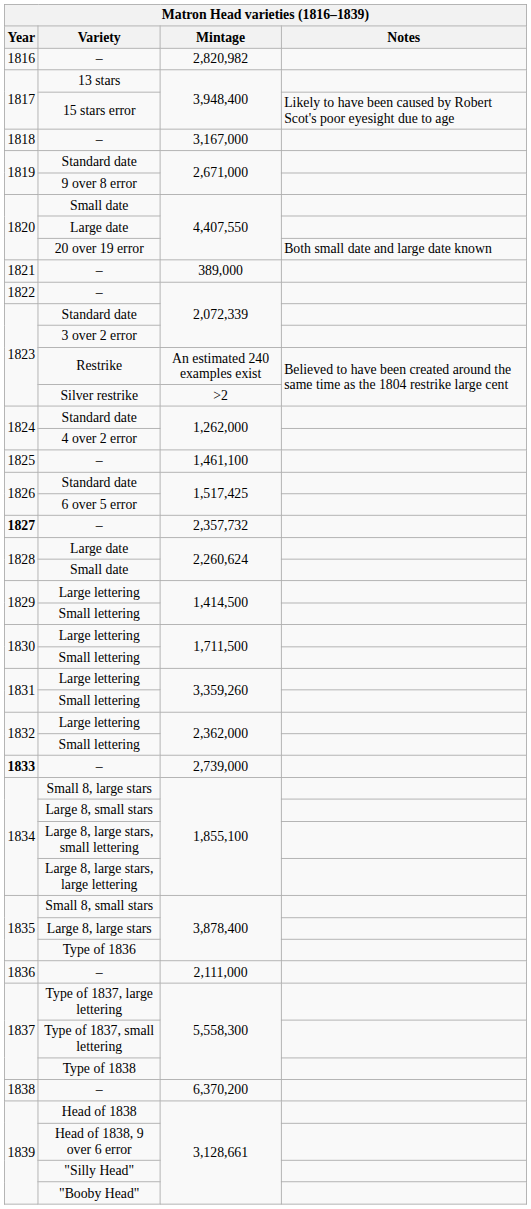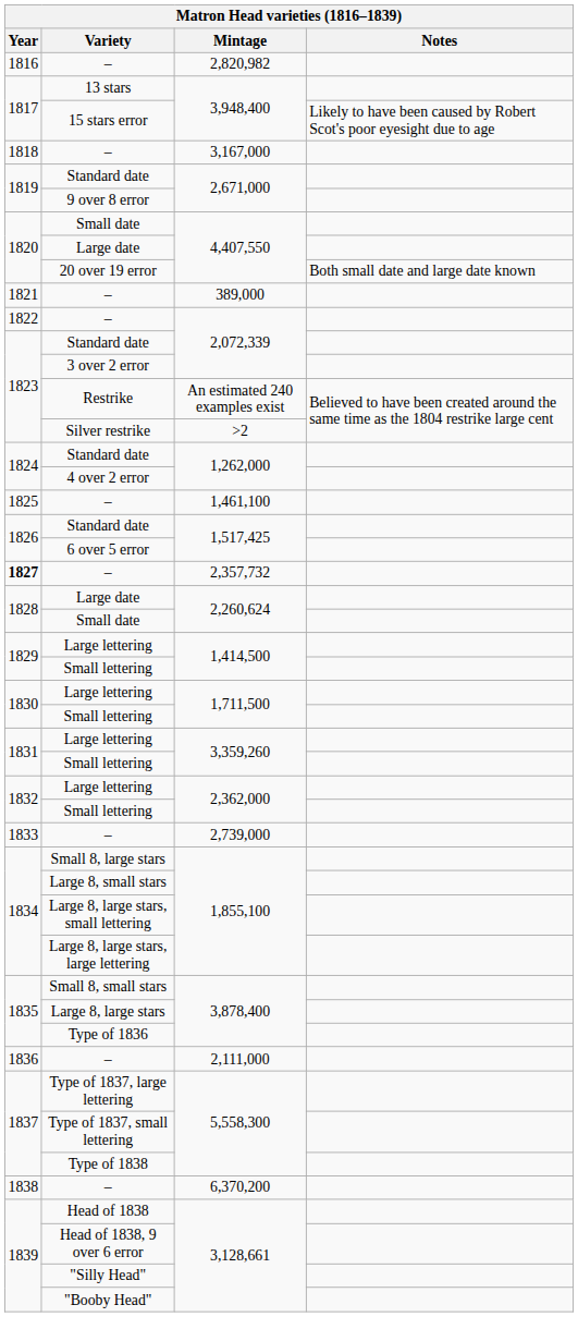 <table class="wikitable mw-collapsible mw-collapsed">
 <tr>
 <th colspan="4">Matron Head varieties (1816–1839)</th>
 </tr>
 <tr>
 <th>Year</th>
 <th>Variety</th>
 <th>Mintage</th>
 <th>Notes</th>
 </tr>
 <tr>
 <td align="center">1816</td>
 <td align="center">–</td>
 <td align="center">2,820,982</td>
 <td align="center"></td>
 </tr>
 <tr>
 <td rowspan="2" align="center">1817</td>
 <td align="center">13 stars</td>
 <td rowspan="2" align="center">3,948,400</td>
 <td></td>
 </tr>
 <tr>
 <td align="center">15 stars error</td>
 <td>Likely to have been caused by Robert Scot's poor eyesight due to age</td>
 </tr>
 <tr>
 <td align="center">1818</td>
 <td align="center">–</td>
 <td align="center">3,167,000</td>
 <td></td>
 </tr>
 <tr>
 <td rowspan="2" align="center">1819</td>
 <td align="center">Standard date</td>
 <td rowspan="2" align="center">2,671,000</td>
 <td></td>
 </tr>
 <tr>
 <td align="center">9 over 8 error</td>
 <td></td>
 </tr>
 <tr>
 <td rowspan="3" align="center">1820</td>
 <td align="center">Small date</td>
 <td rowspan="3" align="center">4,407,550</td>
 <td align="center"></td>
 </tr>
 <tr>
 <td align="center">Large date</td>
 <td></td>
 </tr>
 <tr>
 <td align="center">20 over 19 error</td>
 <td>Both small date and large date known</td>
 </tr>
 <tr>
 <td align="center">1821</td>
 <td align="center">–</td>
 <td align="center">389,000</td>
 <td></td>
 </tr>
 <tr>
 <td align="center">1822</td>
 <td align="center">–</td>
 <td rowspan="3" align="center">2,072,339</td>
 <td></td>
 </tr>
 <tr>
 <td rowspan="4" align="center">1823</td>
 <td align="center">Standard date</td>
 <td></td>
 </tr>
 <tr>
 <td align="center">3 over 2 error</td>
 <td></td>
 </tr>
 <tr>
 <td align="center">Restrike</td>
 <td align="center">An estimated 240 examples exist</td>
 <td rowspan="2">Believed to have been created around the same time as the 1804 restrike large cent</td>
 </tr>
 <tr>
 <td align="center">Silver restrike</td>
 <td align="center">>2</td>
 </tr>
 <tr>
 <td rowspan="2" align="center">1824</td>
 <td align="center">Standard date</td>
 <td rowspan="2" align="center">1,262,000</td>
 <td></td>
 </tr>
 <tr>
 <td align="center">4 over 2 error</td>
 <td></td>
 </tr>
 <tr>
 <td align="center">1825</td>
 <td align="center">–</td>
 <td align="center">1,461,100</td>
 <td></td>
 </tr>
 <tr>
 <td rowspan="2" align="center">1826</td>
 <td align="center">Standard date</td>
 <td rowspan="2" align="center">1,517,425</td>
 <td></td>
 </tr>
 <tr>
 <td align="center">6 over 5 error</td>
 <td></td>
 </tr>
 <tr>
 <td align="center"><strong>1827</strong></td>
 <td align="center">–</td>
 <td align="center">2,357,732</td>
 <td></td>
 </tr>
 <tr>
 <td rowspan="2" align="center">1828</td>
 <td align="center">Large date</td>
 <td rowspan="2" align="center">2,260,624</td>
 <td></td>
 </tr>
 <tr>
 <td align="center">Small date</td>
 <td></td>
 </tr>
 <tr>
 <td rowspan="2" align="center">1829</td>
 <td align="center">Large lettering</td>
 <td rowspan="2" align="center">1,414,500</td>
 <td></td>
 </tr>
 <tr>
 <td align="center">Small lettering</td>
 <td></td>
 </tr>
 <tr>
 <td rowspan="2" align="center">1830</td>
 <td align="center">Large lettering</td>
 <td rowspan="2" align="center">1,711,500</td>
 <td></td>
 </tr>
 <tr>
 <td align="center">Small lettering</td>
 <td></td>
 </tr>
 <tr>
 <td rowspan="2" align="center">1831</td>
 <td align="center">Large lettering</td>
 <td rowspan="2" align="center">3,359,260</td>
 <td></td>
 </tr>
 <tr>
 <td align="center">Small lettering</td>
 <td></td>
 </tr>
 <tr>
 <td rowspan="2" align="center">1832</td>
 <td align="center">Large lettering</td>
 <td rowspan="2" align="center">2,362,000</td>
 <td></td>
 </tr>
 <tr>
 <td align="center">Small lettering</td>
 <td></td>
 </tr>
 <tr>
-<td align="center"><strong>1833</strong></td>
+<td align="center">1833</td>
 <td align="center">–</td>
 <td align="center">2,739,000</td>
 <td></td>
 </tr>
 <tr>
 <td rowspan="4" align="center">1834</td>
 <td align="center">Small 8, large stars</td>
 <td rowspan="4" align="center">1,855,100</td>
 <td></td>
 </tr>
 <tr>
 <td align="center">Large 8, small stars</td>
 <td></td>
 </tr>
 <tr>
 <td align="center">Large 8, large stars, small lettering</td>
 <td></td>
 </tr>
 <tr>
 <td align="center">Large 8, large stars, large lettering</td>
 <td></td>
 </tr>
 <tr>
 <td rowspan="3" align="center">1835</td>
 <td align="center">Small 8, small stars</td>
 <td rowspan="3" align="center">3,878,400</td>
 <td></td>
 </tr>
 <tr>
 <td align="center">Large 8, large stars</td>
 <td></td>
 </tr>
 <tr>
 <td align="center">Type of 1836</td>
 <td></td>
 </tr>
 <tr>
 <td align="center">1836</td>
 <td align="center">–</td>
 <td align="center">2,111,000</td>
 <td></td>
 </tr>
 <tr>
 <td rowspan="3" align="center">1837</td>
 <td align="center">Type of 1837, large lettering</td>
 <td rowspan="3" align="center">5,558,300</td>
 <td></td>
 </tr>
 <tr>
 <td align="center">Type of 1837, small lettering</td>
 <td></td>
 </tr>
 <tr>
 <td align="center">Type of 1838</td>
 <td></td>
 </tr>
 <tr>
 <td align="center">1838</td>
 <td align="center">–</td>
 <td align="center">6,370,200</td>
 <td></td>
 </tr>
 <tr>
 <td rowspan="4" align="center">1839</td>
 <td align="center">Head of 1838</td>
 <td rowspan="4" align="center">3,128,661</td>
 <td></td>
 </tr>
 <tr>
 <td align="center">Head of 1838, 9 over 6 error</td>
 <td></td>
 </tr>
 <tr>
 <td align="center">"Silly Head"</td>
 <td></td>
 </tr>
 <tr>
 <td align="center">"Booby Head"</td>
 <td></td>
 </tr>
 </table>
